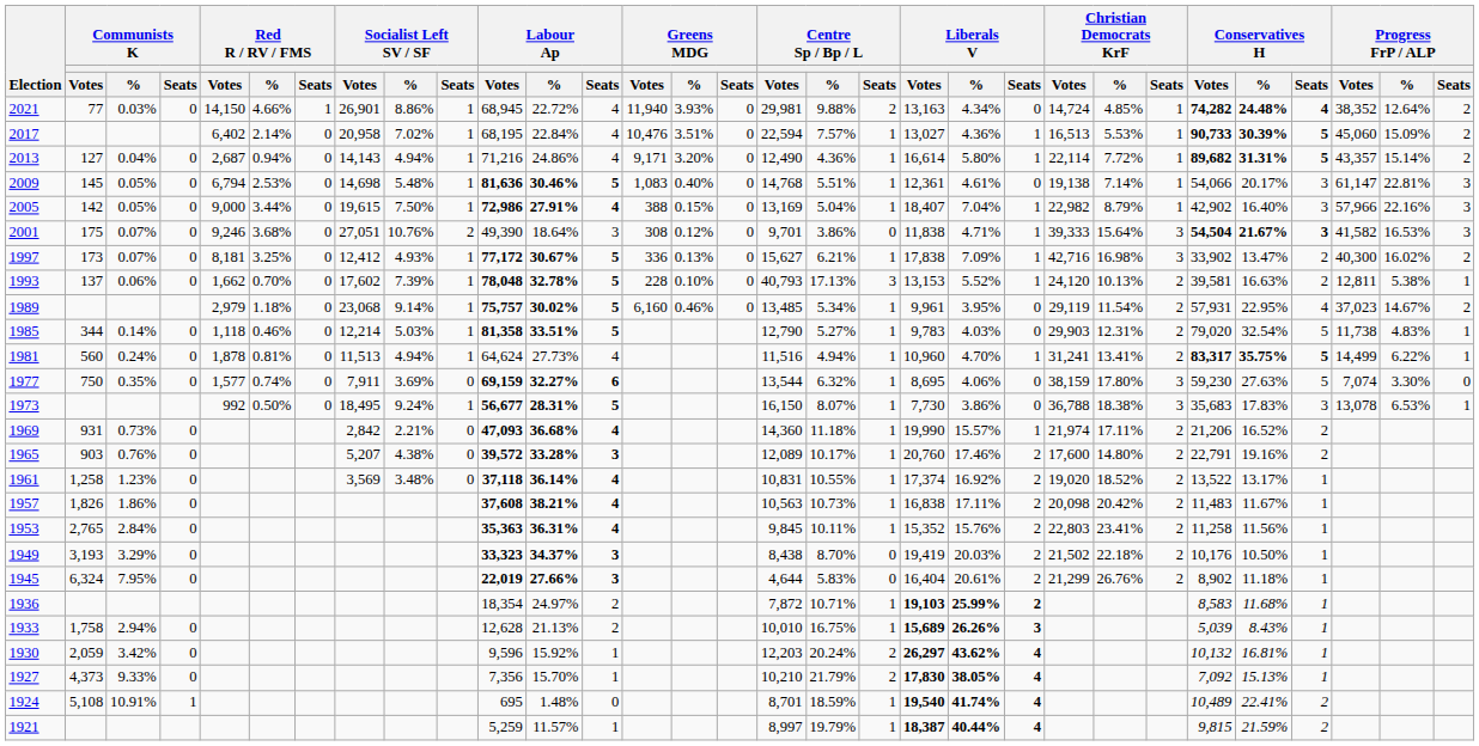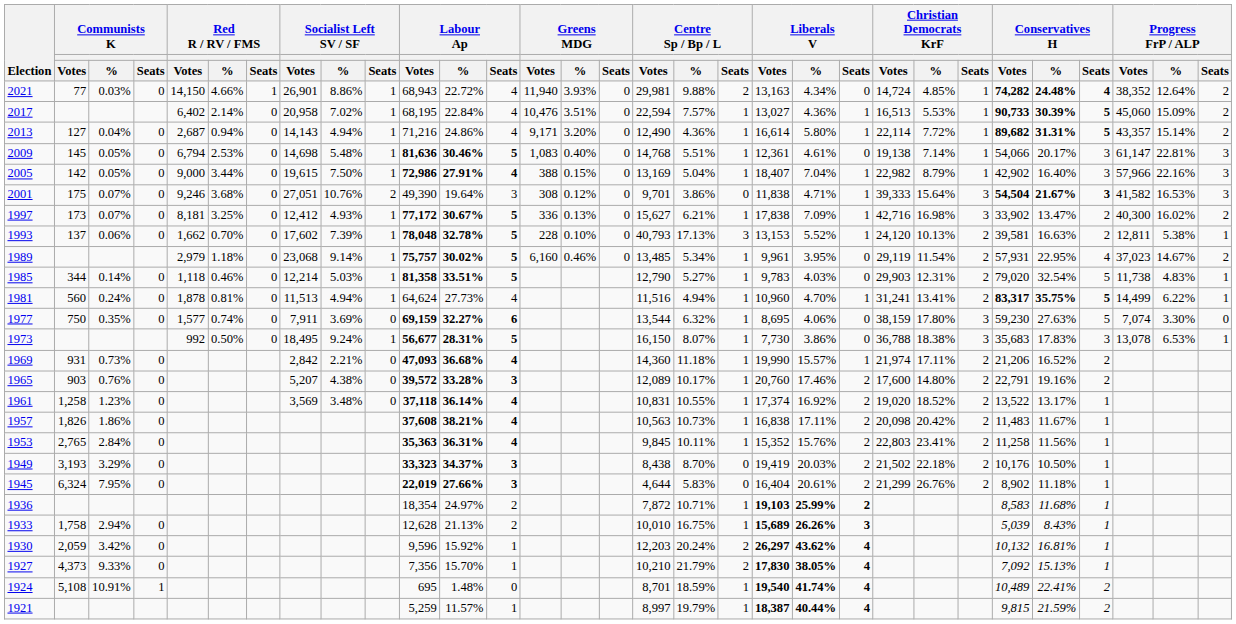 <table class="wikitable" border="1" style="font-size:80%; text-align:right;">
 <tr>
 <th style="text-align:left;" valign=bottom rowspan=3>Election</th>
 <th valign=bottom colspan=3><a href='#'>Communists</a><br>K</th>
 <th valign=bottom colspan=3><a href='#'>Red</a><br>R / RV / FMS</th>
 <th valign=bottom colspan=3><a href='#'>Socialist Left</a><br>SV / SF</th>
 <th valign=bottom colspan=3><a href='#'>Labour</a><br>Ap</th>
 <th valign=bottom colspan=3><a href='#'>Greens</a><br>MDG</th>
 <th valign=bottom colspan=3><a href='#'>Centre</a><br>Sp / Bp / L</th>
 <th valign=bottom colspan=3><a href='#'>Liberals</a><br>V</th>
 <th valign=bottom colspan=3><a href='#'>Christian<br>Democrats</a><br>KrF</th>
 <th valign=bottom colspan=3><a href='#'>Conservatives</a><br>H</th>
 <th valign=bottom colspan=3><a href='#'>Progress</a><br>FrP / ALP</th>
 </tr>
 <tr>
 <th colspan=3 style="background:"></th>
 <th colspan=3 style="background:"></th>
 <th colspan=3 style="background:"></th>
 <th colspan=3 style="background:"></th>
 <th colspan=3 style="background:"></th>
 <th colspan=3 style="background:"></th>
 <th colspan=3 style="background:"></th>
 <th colspan=3 style="background:"></th>
 <th colspan=3 style="background:"></th>
 <th colspan=3 style="background:"></th>
 </tr>
 <tr>
 <th>Votes</th>
 <th>%</th>
 <th>Seats</th>
 <th>Votes</th>
 <th>%</th>
 <th>Seats</th>
 <th>Votes</th>
 <th>%</th>
 <th>Seats</th>
 <th>Votes</th>
 <th>%</th>
 <th>Seats</th>
 <th>Votes</th>
 <th>%</th>
 <th>Seats</th>
 <th>Votes</th>
 <th>%</th>
 <th>Seats</th>
 <th>Votes</th>
 <th>%</th>
 <th>Seats</th>
 <th>Votes</th>
 <th>%</th>
 <th>Seats</th>
 <th>Votes</th>
 <th>%</th>
 <th>Seats</th>
 <th>Votes</th>
 <th>%</th>
 <th>Seats</th>
 </tr>
 <tr>
 <td align=left><a href='#'>2021</a></td>
 <td>77</td>
 <td>0.03%</td>
 <td>0</td>
 <td>14,150</td>
 <td>4.66%</td>
 <td>1</td>
 <td>26,901</td>
 <td>8.86%</td>
 <td>1</td>
-<td>68,945</td>
+<td>68,943</td>
 <td>22.72%</td>
 <td>4</td>
 <td>11,940</td>
 <td>3.93%</td>
 <td>0</td>
 <td>29,981</td>
 <td>9.88%</td>
 <td>2</td>
 <td>13,163</td>
 <td>4.34%</td>
 <td>0</td>
 <td>14,724</td>
 <td>4.85%</td>
 <td>1</td>
 <td><strong>74,282</strong></td>
 <td><strong>24.48%</strong></td>
 <td><strong>4</strong></td>
 <td>38,352</td>
 <td>12.64%</td>
 <td>2</td>
 </tr>
 <tr>
 <td align=left><a href='#'>2017</a></td>
 <td></td>
 <td></td>
 <td></td>
 <td>6,402</td>
 <td>2.14%</td>
 <td>0</td>
 <td>20,958</td>
 <td>7.02%</td>
 <td>1</td>
 <td>68,195</td>
 <td>22.84%</td>
 <td>4</td>
 <td>10,476</td>
 <td>3.51%</td>
 <td>0</td>
 <td>22,594</td>
 <td>7.57%</td>
 <td>1</td>
 <td>13,027</td>
 <td>4.36%</td>
 <td>1</td>
 <td>16,513</td>
 <td>5.53%</td>
 <td>1</td>
 <td><strong>90,733</strong></td>
 <td><strong>30.39%</strong></td>
 <td><strong>5</strong></td>
 <td>45,060</td>
 <td>15.09%</td>
 <td>2</td>
 </tr>
 <tr>
 <td align=left><a href='#'>2013</a></td>
 <td>127</td>
 <td>0.04%</td>
 <td>0</td>
 <td>2,687</td>
 <td>0.94%</td>
 <td>0</td>
 <td>14,143</td>
 <td>4.94%</td>
 <td>1</td>
 <td>71,216</td>
 <td>24.86%</td>
 <td>4</td>
 <td>9,171</td>
 <td>3.20%</td>
 <td>0</td>
 <td>12,490</td>
 <td>4.36%</td>
 <td>1</td>
 <td>16,614</td>
 <td>5.80%</td>
 <td>1</td>
 <td>22,114</td>
 <td>7.72%</td>
 <td>1</td>
 <td><strong>89,682</strong></td>
 <td><strong>31.31%</strong></td>
 <td><strong>5</strong></td>
 <td>43,357</td>
 <td>15.14%</td>
 <td>2</td>
 </tr>
 <tr>
 <td align=left><a href='#'>2009</a></td>
 <td>145</td>
 <td>0.05%</td>
 <td>0</td>
 <td>6,794</td>
 <td>2.53%</td>
 <td>0</td>
 <td>14,698</td>
 <td>5.48%</td>
 <td>1</td>
 <td><strong>81,636</strong></td>
 <td><strong>30.46%</strong></td>
 <td><strong>5</strong></td>
 <td>1,083</td>
 <td>0.40%</td>
 <td>0</td>
 <td>14,768</td>
 <td>5.51%</td>
 <td>1</td>
 <td>12,361</td>
 <td>4.61%</td>
 <td>0</td>
 <td>19,138</td>
 <td>7.14%</td>
 <td>1</td>
 <td>54,066</td>
 <td>20.17%</td>
 <td>3</td>
 <td>61,147</td>
 <td>22.81%</td>
 <td>3</td>
 </tr>
 <tr>
 <td align=left><a href='#'>2005</a></td>
 <td>142</td>
 <td>0.05%</td>
 <td>0</td>
 <td>9,000</td>
 <td>3.44%</td>
 <td>0</td>
 <td>19,615</td>
 <td>7.50%</td>
 <td>1</td>
 <td><strong>72,986</strong></td>
 <td><strong>27.91%</strong></td>
 <td><strong>4</strong></td>
 <td>388</td>
 <td>0.15%</td>
 <td>0</td>
 <td>13,169</td>
 <td>5.04%</td>
 <td>1</td>
 <td>18,407</td>
 <td>7.04%</td>
 <td>1</td>
 <td>22,982</td>
 <td>8.79%</td>
 <td>1</td>
 <td>42,902</td>
 <td>16.40%</td>
 <td>3</td>
 <td>57,966</td>
 <td>22.16%</td>
 <td>3</td>
 </tr>
 <tr>
 <td align=left><a href='#'>2001</a></td>
 <td>175</td>
 <td>0.07%</td>
 <td>0</td>
 <td>9,246</td>
 <td>3.68%</td>
 <td>0</td>
 <td>27,051</td>
 <td>10.76%</td>
 <td>2</td>
 <td>49,390</td>
-<td>18.64%</td>
+<td>19.64%</td>
 <td>3</td>
 <td>308</td>
 <td>0.12%</td>
 <td>0</td>
 <td>9,701</td>
 <td>3.86%</td>
 <td>0</td>
 <td>11,838</td>
 <td>4.71%</td>
 <td>1</td>
 <td>39,333</td>
 <td>15.64%</td>
 <td>3</td>
 <td><strong>54,504</strong></td>
 <td><strong>21.67%</strong></td>
 <td><strong>3</strong></td>
 <td>41,582</td>
 <td>16.53%</td>
 <td>3</td>
 </tr>
 <tr>
 <td align=left><a href='#'>1997</a></td>
 <td>173</td>
 <td>0.07%</td>
 <td>0</td>
 <td>8,181</td>
 <td>3.25%</td>
 <td>0</td>
 <td>12,412</td>
 <td>4.93%</td>
 <td>1</td>
 <td><strong>77,172</strong></td>
 <td><strong>30.67%</strong></td>
 <td><strong>5</strong></td>
 <td>336</td>
 <td>0.13%</td>
 <td>0</td>
 <td>15,627</td>
 <td>6.21%</td>
 <td>1</td>
 <td>17,838</td>
 <td>7.09%</td>
 <td>1</td>
 <td>42,716</td>
 <td>16.98%</td>
 <td>3</td>
 <td>33,902</td>
 <td>13.47%</td>
 <td>2</td>
 <td>40,300</td>
 <td>16.02%</td>
 <td>2</td>
 </tr>
 <tr>
 <td align=left><a href='#'>1993</a></td>
 <td>137</td>
 <td>0.06%</td>
 <td>0</td>
 <td>1,662</td>
 <td>0.70%</td>
 <td>0</td>
 <td>17,602</td>
 <td>7.39%</td>
 <td>1</td>
 <td><strong>78,048</strong></td>
 <td><strong>32.78%</strong></td>
 <td><strong>5</strong></td>
 <td>228</td>
 <td>0.10%</td>
 <td>0</td>
 <td>40,793</td>
 <td>17.13%</td>
 <td>3</td>
 <td>13,153</td>
 <td>5.52%</td>
 <td>1</td>
 <td>24,120</td>
 <td>10.13%</td>
 <td>2</td>
 <td>39,581</td>
 <td>16.63%</td>
 <td>2</td>
 <td>12,811</td>
 <td>5.38%</td>
 <td>1</td>
 </tr>
 <tr>
 <td align=left><a href='#'>1989</a></td>
 <td></td>
 <td></td>
 <td></td>
 <td>2,979</td>
 <td>1.18%</td>
 <td>0</td>
 <td>23,068</td>
 <td>9.14%</td>
 <td>1</td>
 <td><strong>75,757</strong></td>
 <td><strong>30.02%</strong></td>
 <td><strong>5</strong></td>
 <td>6,160</td>
 <td>0.46%</td>
 <td>0</td>
 <td>13,485</td>
 <td>5.34%</td>
 <td>1</td>
 <td>9,961</td>
 <td>3.95%</td>
 <td>0</td>
 <td>29,119</td>
 <td>11.54%</td>
 <td>2</td>
 <td>57,931</td>
 <td>22.95%</td>
 <td>4</td>
 <td>37,023</td>
 <td>14.67%</td>
 <td>2</td>
 </tr>
 <tr>
 <td align=left><a href='#'>1985</a></td>
 <td>344</td>
 <td>0.14%</td>
 <td>0</td>
 <td>1,118</td>
 <td>0.46%</td>
 <td>0</td>
 <td>12,214</td>
 <td>5.03%</td>
 <td>1</td>
 <td><strong>81,358</strong></td>
 <td><strong>33.51%</strong></td>
 <td><strong>5</strong></td>
 <td></td>
 <td></td>
 <td></td>
 <td>12,790</td>
 <td>5.27%</td>
 <td>1</td>
 <td>9,783</td>
 <td>4.03%</td>
 <td>0</td>
 <td>29,903</td>
 <td>12.31%</td>
 <td>2</td>
 <td>79,020</td>
 <td>32.54%</td>
 <td>5</td>
 <td>11,738</td>
 <td>4.83%</td>
 <td>1</td>
 </tr>
 <tr>
 <td align=left><a href='#'>1981</a></td>
 <td>560</td>
 <td>0.24%</td>
 <td>0</td>
 <td>1,878</td>
 <td>0.81%</td>
 <td>0</td>
 <td>11,513</td>
 <td>4.94%</td>
 <td>1</td>
 <td>64,624</td>
 <td>27.73%</td>
 <td>4</td>
 <td></td>
 <td></td>
 <td></td>
 <td>11,516</td>
 <td>4.94%</td>
 <td>1</td>
 <td>10,960</td>
 <td>4.70%</td>
 <td>1</td>
 <td>31,241</td>
 <td>13.41%</td>
 <td>2</td>
 <td><strong>83,317</strong></td>
 <td><strong>35.75%</strong></td>
 <td><strong>5</strong></td>
 <td>14,499</td>
 <td>6.22%</td>
 <td>1</td>
 </tr>
 <tr>
 <td align=left><a href='#'>1977</a></td>
 <td>750</td>
 <td>0.35%</td>
 <td>0</td>
 <td>1,577</td>
 <td>0.74%</td>
 <td>0</td>
 <td>7,911</td>
 <td>3.69%</td>
 <td>0</td>
 <td><strong>69,159</strong></td>
 <td><strong>32.27%</strong></td>
 <td><strong>6</strong></td>
 <td></td>
 <td></td>
 <td></td>
 <td>13,544</td>
 <td>6.32%</td>
 <td>1</td>
 <td>8,695</td>
 <td>4.06%</td>
 <td>0</td>
 <td>38,159</td>
 <td>17.80%</td>
 <td>3</td>
 <td>59,230</td>
 <td>27.63%</td>
 <td>5</td>
 <td>7,074</td>
 <td>3.30%</td>
 <td>0</td>
 </tr>
 <tr>
 <td align=left><a href='#'>1973</a></td>
 <td></td>
 <td></td>
 <td></td>
 <td>992</td>
 <td>0.50%</td>
 <td>0</td>
 <td>18,495</td>
 <td>9.24%</td>
 <td>1</td>
 <td><strong>56,677</strong></td>
 <td><strong>28.31%</strong></td>
 <td><strong>5</strong></td>
 <td></td>
 <td></td>
 <td></td>
 <td>16,150</td>
 <td>8.07%</td>
 <td>1</td>
 <td>7,730</td>
 <td>3.86%</td>
 <td>0</td>
 <td>36,788</td>
 <td>18.38%</td>
 <td>3</td>
 <td>35,683</td>
 <td>17.83%</td>
 <td>3</td>
 <td>13,078</td>
 <td>6.53%</td>
 <td>1</td>
 </tr>
 <tr>
 <td align=left><a href='#'>1969</a></td>
 <td>931</td>
 <td>0.73%</td>
 <td>0</td>
 <td></td>
 <td></td>
 <td></td>
 <td>2,842</td>
 <td>2.21%</td>
 <td>0</td>
 <td><strong>47,093</strong></td>
 <td><strong>36.68%</strong></td>
 <td><strong>4</strong></td>
 <td></td>
 <td></td>
 <td></td>
 <td>14,360</td>
 <td>11.18%</td>
 <td>1</td>
 <td>19,990</td>
 <td>15.57%</td>
 <td>1</td>
 <td>21,974</td>
 <td>17.11%</td>
 <td>2</td>
 <td>21,206</td>
 <td>16.52%</td>
 <td>2</td>
 <td></td>
 <td></td>
 <td></td>
 </tr>
 <tr>
 <td align=left><a href='#'>1965</a></td>
 <td>903</td>
 <td>0.76%</td>
 <td>0</td>
 <td></td>
 <td></td>
 <td></td>
 <td>5,207</td>
 <td>4.38%</td>
 <td>0</td>
 <td><strong>39,572</strong></td>
 <td><strong>33.28%</strong></td>
 <td><strong>3</strong></td>
 <td></td>
 <td></td>
 <td></td>
 <td>12,089</td>
 <td>10.17%</td>
 <td>1</td>
 <td>20,760</td>
 <td>17.46%</td>
 <td>2</td>
 <td>17,600</td>
 <td>14.80%</td>
 <td>2</td>
 <td>22,791</td>
 <td>19.16%</td>
 <td>2</td>
 <td></td>
 <td></td>
 <td></td>
 </tr>
 <tr>
 <td align=left><a href='#'>1961</a></td>
 <td>1,258</td>
 <td>1.23%</td>
 <td>0</td>
 <td></td>
 <td></td>
 <td></td>
 <td>3,569</td>
 <td>3.48%</td>
 <td>0</td>
 <td><strong>37,118</strong></td>
 <td><strong>36.14%</strong></td>
 <td><strong>4</strong></td>
 <td></td>
 <td></td>
 <td></td>
 <td>10,831</td>
 <td>10.55%</td>
 <td>1</td>
 <td>17,374</td>
 <td>16.92%</td>
 <td>2</td>
 <td>19,020</td>
 <td>18.52%</td>
 <td>2</td>
 <td>13,522</td>
 <td>13.17%</td>
 <td>1</td>
 <td></td>
 <td></td>
 <td></td>
 </tr>
 <tr>
 <td align=left><a href='#'>1957</a></td>
 <td>1,826</td>
 <td>1.86%</td>
 <td>0</td>
 <td></td>
 <td></td>
 <td></td>
 <td></td>
 <td></td>
 <td></td>
 <td><strong>37,608</strong></td>
 <td><strong>38.21%</strong></td>
 <td><strong>4</strong></td>
 <td></td>
 <td></td>
 <td></td>
 <td>10,563</td>
 <td>10.73%</td>
 <td>1</td>
 <td>16,838</td>
 <td>17.11%</td>
 <td>2</td>
 <td>20,098</td>
 <td>20.42%</td>
 <td>2</td>
 <td>11,483</td>
 <td>11.67%</td>
 <td>1</td>
 <td></td>
 <td></td>
 <td></td>
 </tr>
 <tr>
 <td align=left><a href='#'>1953</a></td>
 <td>2,765</td>
 <td>2.84%</td>
 <td>0</td>
 <td></td>
 <td></td>
 <td></td>
 <td></td>
 <td></td>
 <td></td>
 <td><strong>35,363</strong></td>
 <td><strong>36.31%</strong></td>
 <td><strong>4</strong></td>
 <td></td>
 <td></td>
 <td></td>
 <td>9,845</td>
 <td>10.11%</td>
 <td>1</td>
 <td>15,352</td>
 <td>15.76%</td>
 <td>2</td>
 <td>22,803</td>
 <td>23.41%</td>
 <td>2</td>
 <td>11,258</td>
 <td>11.56%</td>
 <td>1</td>
 <td></td>
 <td></td>
 <td></td>
 </tr>
 <tr>
 <td align=left><a href='#'>1949</a></td>
 <td>3,193</td>
 <td>3.29%</td>
 <td>0</td>
 <td></td>
 <td></td>
 <td></td>
 <td></td>
 <td></td>
 <td></td>
 <td><strong>33,323</strong></td>
 <td><strong>34.37%</strong></td>
 <td><strong>3</strong></td>
 <td></td>
 <td></td>
 <td></td>
 <td>8,438</td>
 <td>8.70%</td>
 <td>0</td>
 <td>19,419</td>
 <td>20.03%</td>
 <td>2</td>
 <td>21,502</td>
 <td>22.18%</td>
 <td>2</td>
 <td>10,176</td>
 <td>10.50%</td>
 <td>1</td>
 <td></td>
 <td></td>
 <td></td>
 </tr>
 <tr>
 <td align=left><a href='#'>1945</a></td>
 <td>6,324</td>
 <td>7.95%</td>
 <td>0</td>
 <td></td>
 <td></td>
 <td></td>
 <td></td>
 <td></td>
 <td></td>
 <td><strong>22,019</strong></td>
 <td><strong>27.66%</strong></td>
 <td><strong>3</strong></td>
 <td></td>
 <td></td>
 <td></td>
 <td>4,644</td>
 <td>5.83%</td>
 <td>0</td>
 <td>16,404</td>
 <td>20.61%</td>
 <td>2</td>
 <td>21,299</td>
 <td>26.76%</td>
 <td>2</td>
 <td>8,902</td>
 <td>11.18%</td>
 <td>1</td>
 <td></td>
 <td></td>
 <td></td>
 </tr>
 <tr>
 <td align=left><a href='#'>1936</a></td>
 <td></td>
 <td></td>
 <td></td>
 <td></td>
 <td></td>
 <td></td>
 <td></td>
 <td></td>
 <td></td>
 <td>18,354</td>
 <td>24.97%</td>
 <td>2</td>
 <td></td>
 <td></td>
 <td></td>
 <td>7,872</td>
 <td>10.71%</td>
 <td>1</td>
 <td><strong>19,103</strong></td>
 <td><strong>25.99%</strong></td>
 <td><strong>2</strong></td>
 <td></td>
 <td></td>
 <td></td>
 <td><em>8,583</em></td>
 <td><em>11.68%</em></td>
 <td><em>1</em></td>
 <td></td>
 <td></td>
 <td></td>
 </tr>
 <tr>
 <td align=left><a href='#'>1933</a></td>
 <td>1,758</td>
 <td>2.94%</td>
 <td>0</td>
 <td></td>
 <td></td>
 <td></td>
 <td></td>
 <td></td>
 <td></td>
 <td>12,628</td>
 <td>21.13%</td>
 <td>2</td>
 <td></td>
 <td></td>
 <td></td>
 <td>10,010</td>
 <td>16.75%</td>
 <td>1</td>
 <td><strong>15,689</strong></td>
 <td><strong>26.26%</strong></td>
 <td><strong>3</strong></td>
 <td></td>
 <td></td>
 <td></td>
 <td><em>5,039</em></td>
 <td><em>8.43%</em></td>
 <td><em>1</em></td>
 <td></td>
 <td></td>
 <td></td>
 </tr>
 <tr>
 <td align=left><a href='#'>1930</a></td>
 <td>2,059</td>
 <td>3.42%</td>
 <td>0</td>
 <td></td>
 <td></td>
 <td></td>
 <td></td>
 <td></td>
 <td></td>
 <td>9,596</td>
 <td>15.92%</td>
 <td>1</td>
 <td></td>
 <td></td>
 <td></td>
 <td>12,203</td>
 <td>20.24%</td>
 <td>2</td>
 <td><strong>26,297</strong></td>
 <td><strong>43.62%</strong></td>
 <td><strong>4</strong></td>
 <td></td>
 <td></td>
 <td></td>
 <td><em>10,132</em></td>
 <td><em>16.81%</em></td>
 <td><em>1</em></td>
 <td></td>
 <td></td>
 <td></td>
 </tr>
 <tr>
 <td align=left><a href='#'>1927</a></td>
 <td>4,373</td>
 <td>9.33%</td>
 <td>0</td>
 <td></td>
 <td></td>
 <td></td>
 <td></td>
 <td></td>
 <td></td>
 <td>7,356</td>
 <td>15.70%</td>
 <td>1</td>
 <td></td>
 <td></td>
 <td></td>
 <td>10,210</td>
 <td>21.79%</td>
 <td>2</td>
 <td><strong>17,830</strong></td>
 <td><strong>38.05%</strong></td>
 <td><strong>4</strong></td>
 <td></td>
 <td></td>
 <td></td>
 <td><em>7,092</em></td>
 <td><em>15.13%</em></td>
 <td><em>1</em></td>
 <td></td>
 <td></td>
 <td></td>
 </tr>
 <tr>
 <td align=left><a href='#'>1924</a></td>
 <td>5,108</td>
 <td>10.91%</td>
 <td>1</td>
 <td></td>
 <td></td>
 <td></td>
 <td></td>
 <td></td>
 <td></td>
 <td>695</td>
 <td>1.48%</td>
 <td>0</td>
 <td></td>
 <td></td>
 <td></td>
 <td>8,701</td>
 <td>18.59%</td>
 <td>1</td>
 <td><strong>19,540</strong></td>
 <td><strong>41.74%</strong></td>
 <td><strong>4</strong></td>
 <td></td>
 <td></td>
 <td></td>
 <td><em>10,489</em></td>
 <td><em>22.41%</em></td>
 <td><em>2</em></td>
 <td></td>
 <td></td>
 <td></td>
 </tr>
 <tr>
 <td align=left><a href='#'>1921</a></td>
 <td></td>
 <td></td>
 <td></td>
 <td></td>
 <td></td>
 <td></td>
 <td></td>
 <td></td>
 <td></td>
 <td>5,259</td>
 <td>11.57%</td>
 <td>1</td>
 <td></td>
 <td></td>
 <td></td>
 <td>8,997</td>
 <td>19.79%</td>
 <td>1</td>
 <td><strong>18,387</strong></td>
 <td><strong>40.44%</strong></td>
 <td><strong>4</strong></td>
 <td></td>
 <td></td>
 <td></td>
 <td><em>9,815</em></td>
 <td><em>21.59%</em></td>
 <td><em>2</em></td>
 <td></td>
 <td></td>
 <td></td>
 </tr>
 </table>
